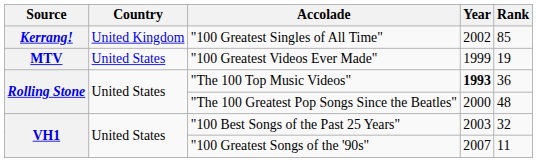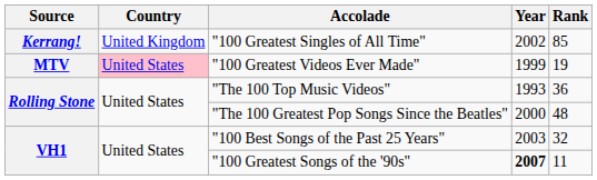 <table class="wikitable plainrowheaders">
 <tr>
 <th scope="col">Source</th>
 <th scope="col">Country</th>
 <th scope="col">Accolade</th>
 <th scope="col">Year</th>
 <th scope="col">Rank</th>
 </tr>
 <tr>
 <th scope="row"><em><a href='#'>Kerrang!</a></em></th>
 <td><a href='#'>United Kingdom</a></td>
 <td>"100 Greatest Singles of All Time"</td>
 <td>2002</td>
 <td>85</td>
 </tr>
 <tr>
 <th scope="row"><a href='#'>MTV</a></th>
-<td><a href='#'>United States</a></td>
+<td style="background: pink;"><a href='#'>United States</a></td>
 <td>"100 Greatest Videos Ever Made"</td>
 <td>1999</td>
 <td>19</td>
 </tr>
 <tr>
 <th scope="row" rowspan=2><em><a href='#'>Rolling Stone</a></em></th>
 <td rowspan=2>United States</td>
 <td>"The 100 Top Music Videos"</td>
-<td><strong>1993</strong></td>
+<td>1993</td>
 <td>36</td>
 </tr>
 <tr>
 <td>"The 100 Greatest Pop Songs Since the Beatles"</td>
 <td>2000</td>
 <td>48</td>
 </tr>
 <tr>
 <th scope="row" rowspan=2><a href='#'>VH1</a></th>
 <td rowspan=2>United States</td>
 <td>"100 Best Songs of the Past 25 Years"</td>
 <td>2003</td>
 <td>32</td>
 </tr>
 <tr>
 <td>"100 Greatest Songs of the '90s"</td>
-<td>2007</td>
+<td><strong>2007</strong></td>
 <td>11</td>
 </tr>
 </table>
